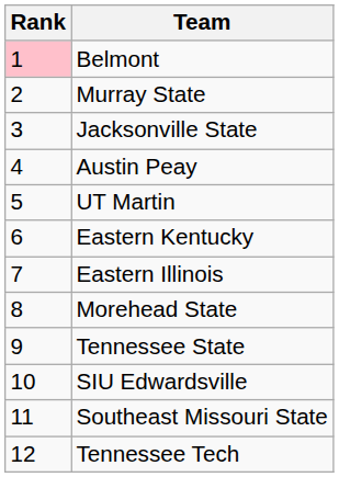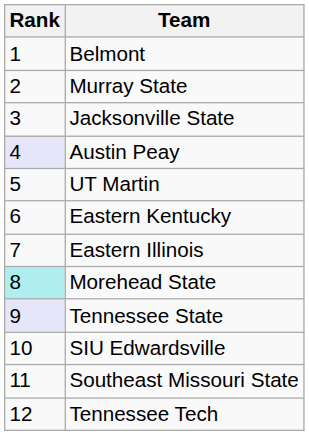 <table class="wikitable">
 <tr>
 <th>Rank</th>
 <th>Team</th>
 </tr>
 <tr>
-<td style="background: pink;">1</td>
+<td>1</td>
 <td>Belmont</td>
 </tr>
 <tr>
 <td>2</td>
 <td>Murray State</td>
 </tr>
 <tr>
 <td>3</td>
 <td>Jacksonville State</td>
 </tr>
 <tr>
-<td>4</td>
+<td style="background: lavender;">4</td>
 <td>Austin Peay</td>
 </tr>
 <tr>
 <td>5</td>
 <td>UT Martin</td>
 </tr>
 <tr>
 <td>6</td>
 <td>Eastern Kentucky</td>
 </tr>
 <tr>
 <td>7</td>
 <td>Eastern Illinois</td>
 </tr>
 <tr>
-<td>8</td>
+<td style="background: paleturquoise;">8</td>
 <td>Morehead State</td>
 </tr>
 <tr>
-<td>9</td>
+<td style="background: lavender;">9</td>
 <td>Tennessee State</td>
 </tr>
 <tr>
 <td>10</td>
 <td>SIU Edwardsville</td>
 </tr>
 <tr>
 <td>11</td>
 <td>Southeast Missouri State</td>
 </tr>
 <tr>
 <td>12</td>
 <td>Tennessee Tech</td>
 </tr>
 </table>
